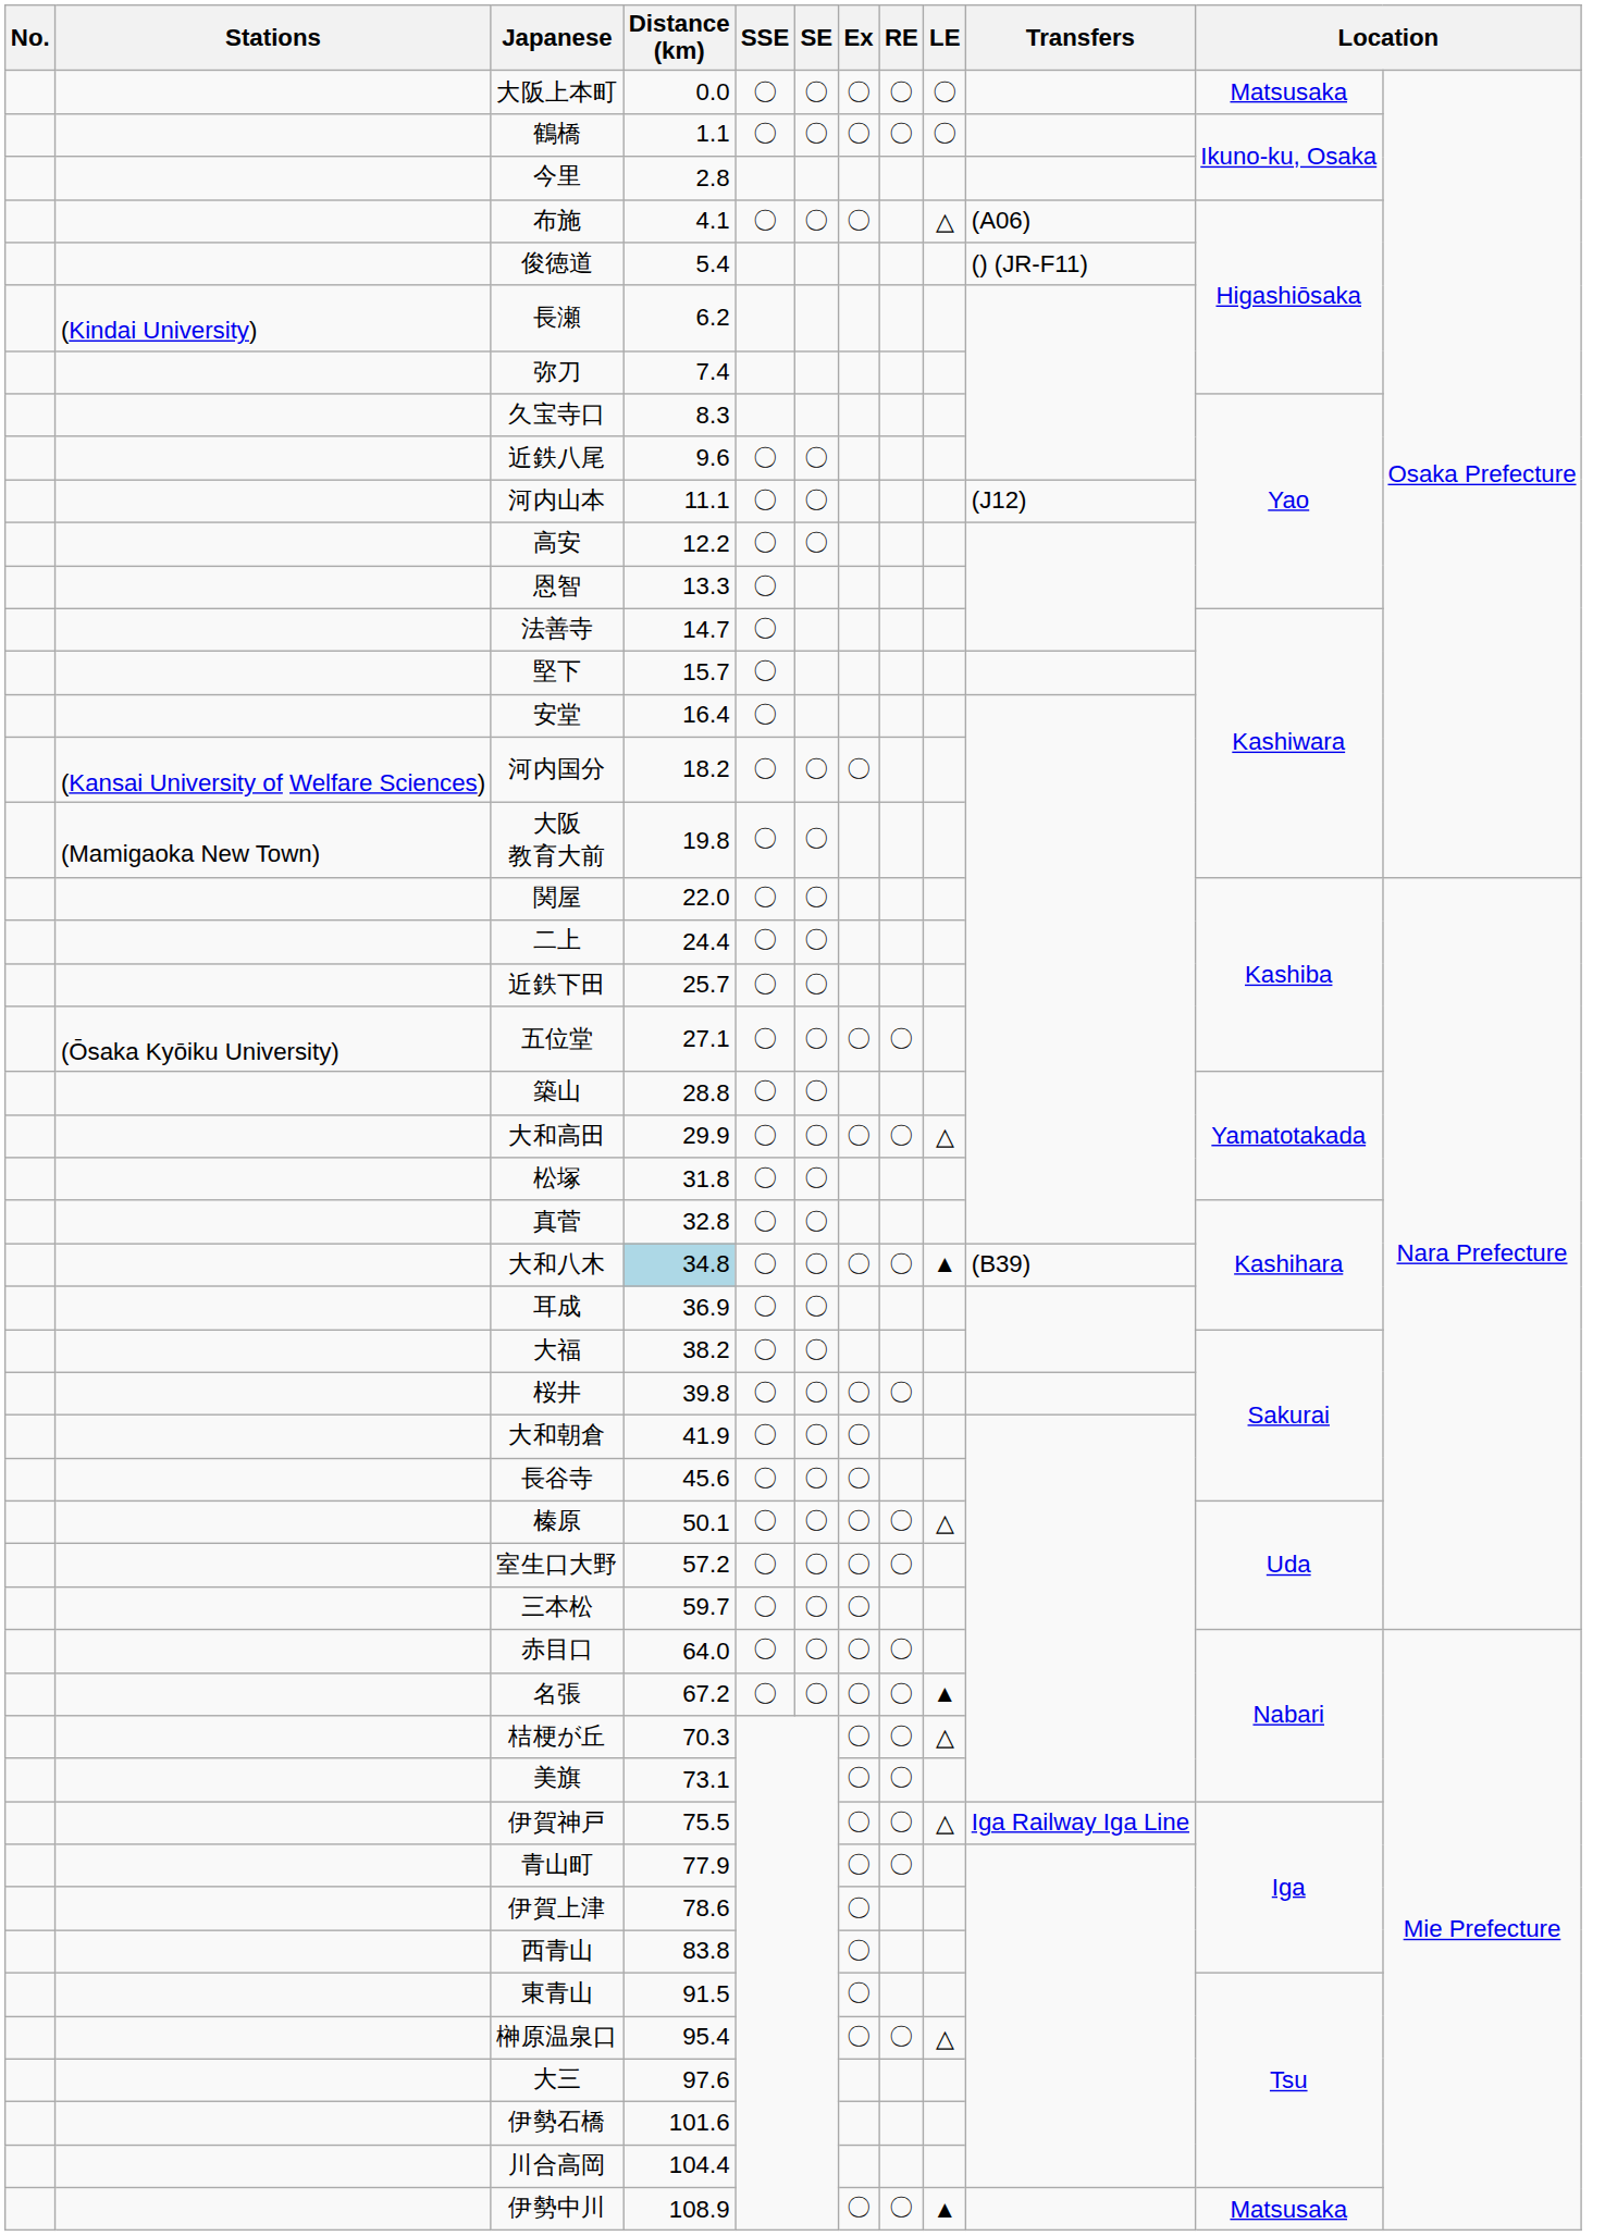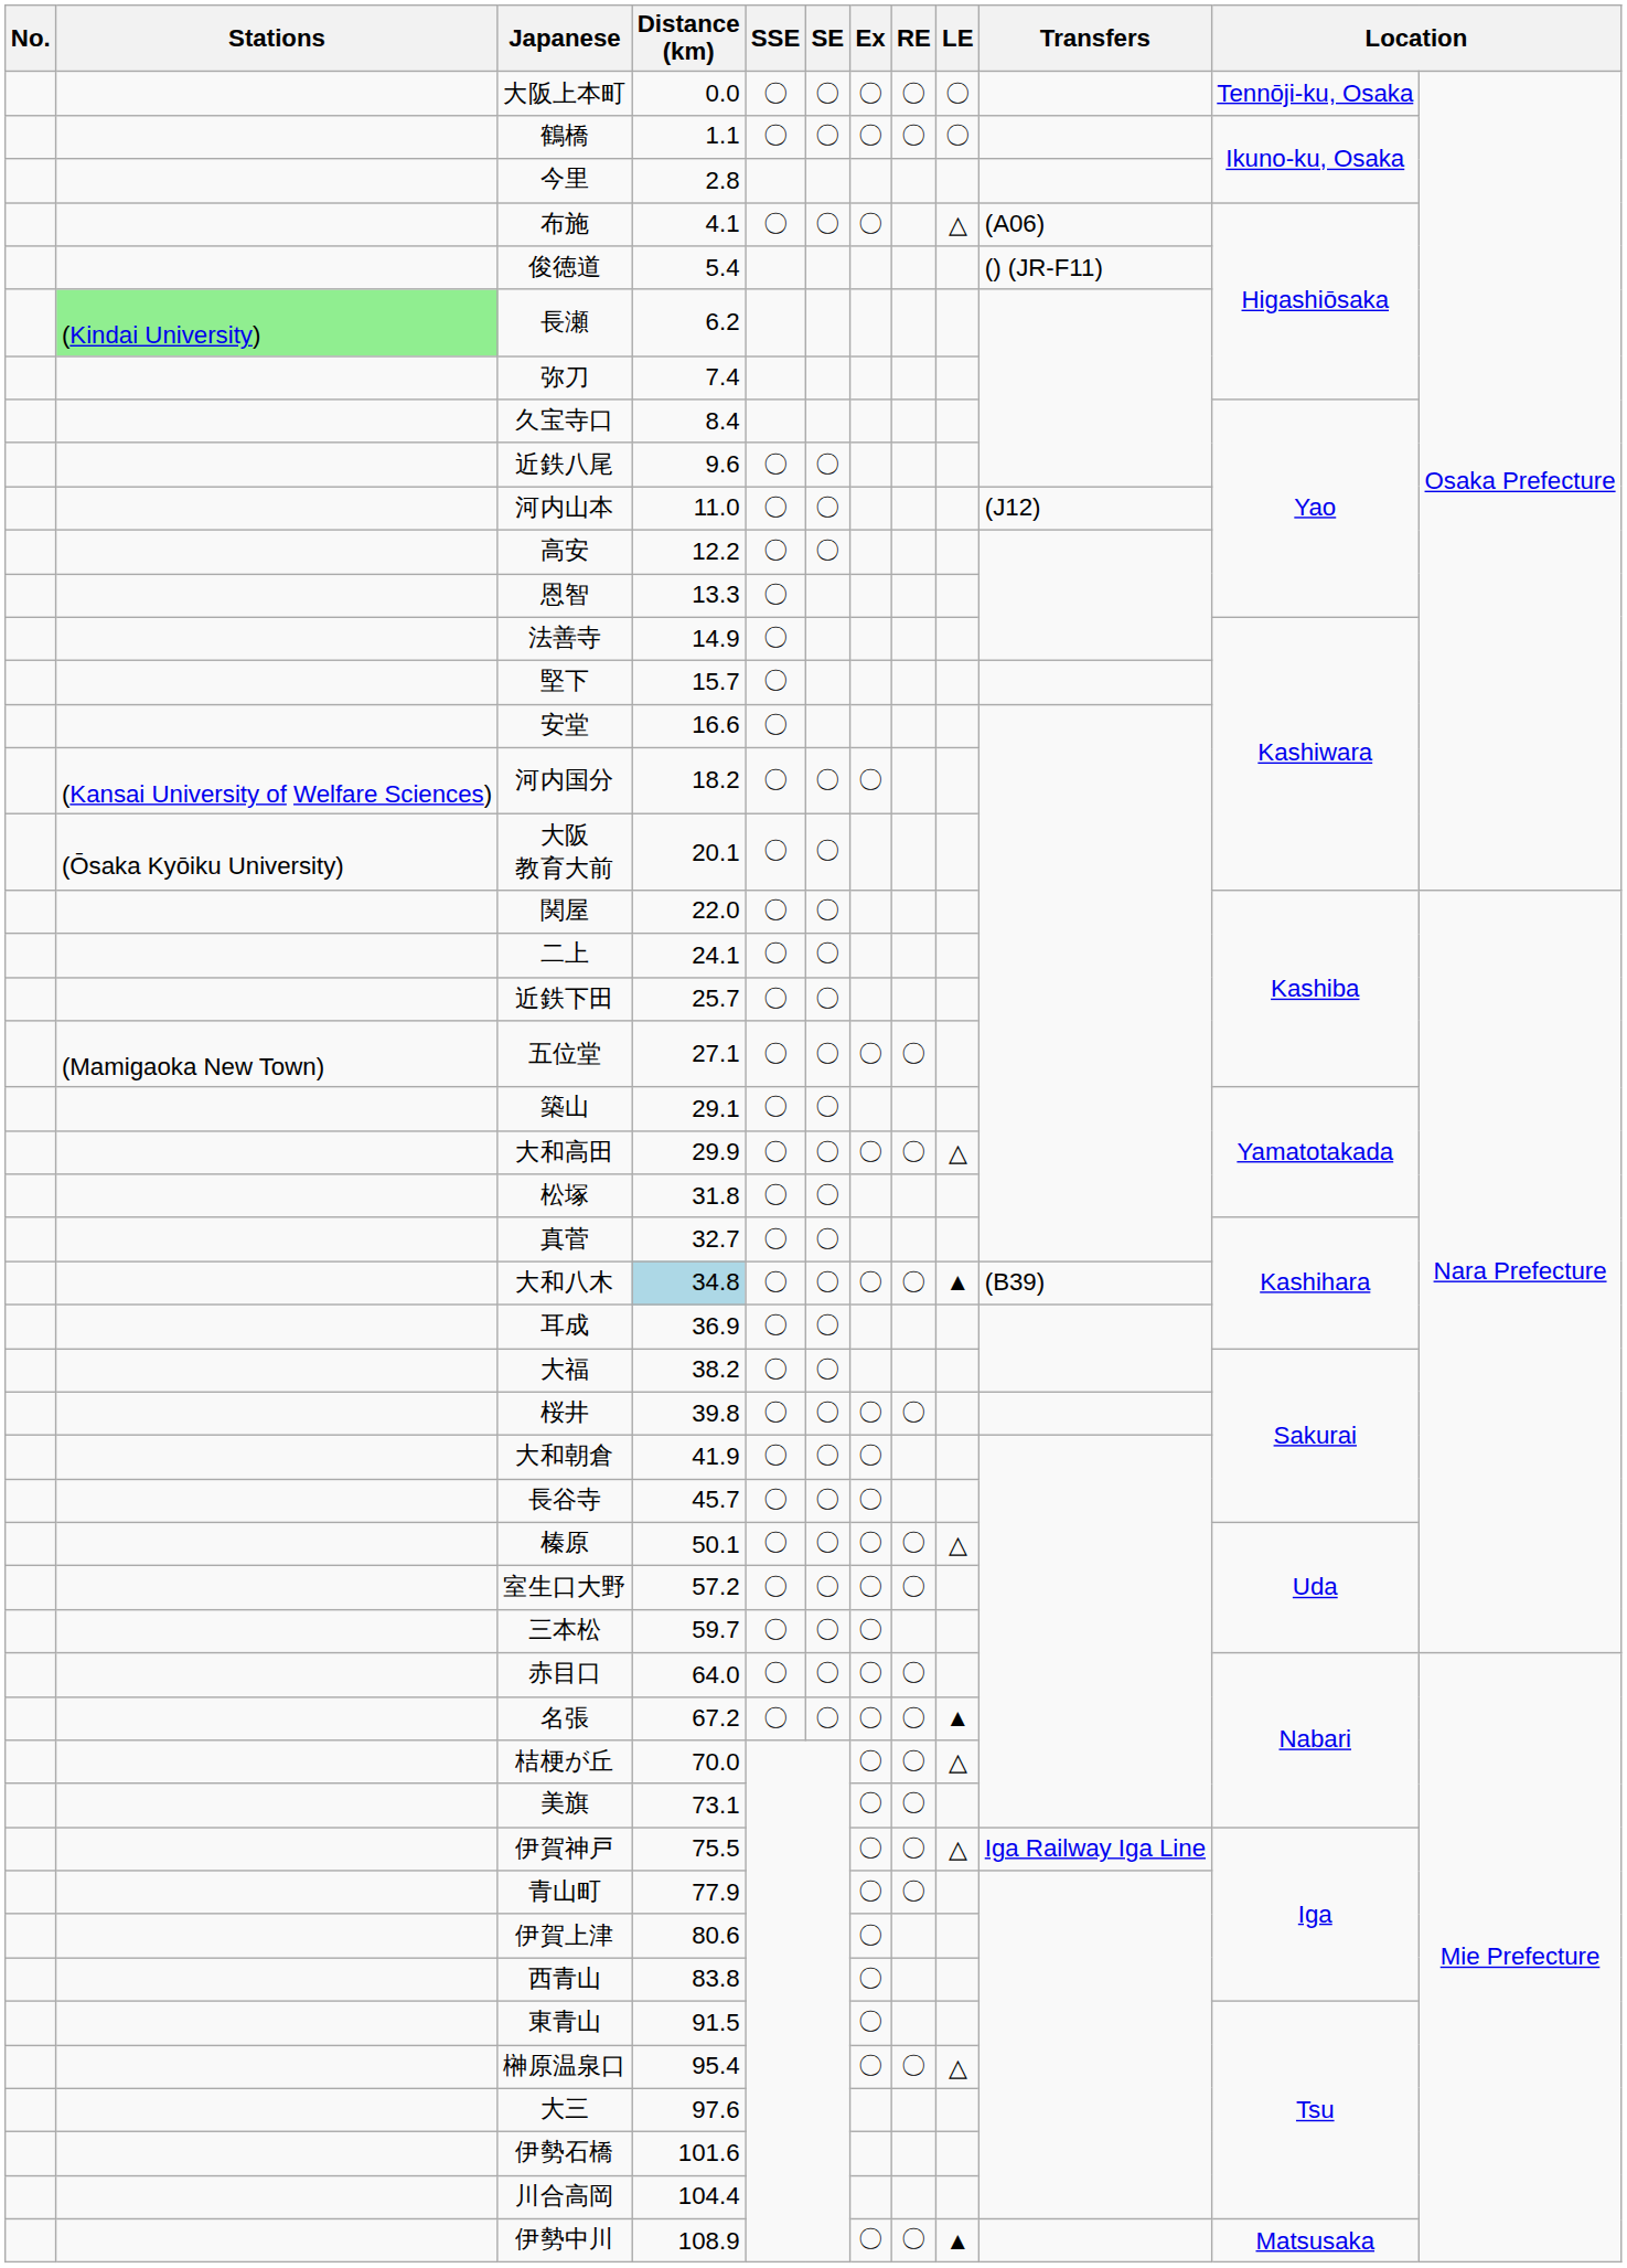 <table class="wikitable" style="text-align: center;">
 <tr style="text-align: center; border-bottom: solid 2px #">
 <th>No.</th>
 <th>Stations</th>
 <th>Japanese</th>
 <th>Distance<br>(km)</th>
 <th>SSE</th>
 <th>SE</th>
 <th>Ex</th>
 <th>RE</th>
 <th>LE</th>
 <th>Transfers</th>
 <th colspan="2">Location</th>
 </tr>
 <tr style="text-align: center; ">
 <td></td>
 <td style="text-align: left; "></td>
 <td>大阪上本町</td>
 <td style="text-align: right; ">0.0</td>
 <td>〇</td>
 <td>〇</td>
 <td>〇</td>
 <td>〇</td>
 <td>〇</td>
 <td style="text-align:left;"></td>
-<td><a href='#'>Matsusaka</a></td>
+<td><a href='#'>Tennōji-ku, Osaka</a></td>
 <td rowspan="17"><a href='#'>Osaka Prefecture</a></td>
 </tr>
 <tr style="text-align: center; ">
 <td></td>
 <td style="text-align: left; "></td>
 <td>鶴橋</td>
 <td style="text-align: right; ">1.1</td>
 <td>〇</td>
 <td>〇</td>
 <td>〇</td>
 <td>〇</td>
 <td>〇</td>
 <td style="text-align:left;"></td>
 <td rowspan="2"><a href='#'>Ikuno-ku, Osaka</a></td>
 </tr>
 <tr style="text-align: center; ">
 <td></td>
 <td style="text-align: left; "></td>
 <td>今里</td>
 <td style="text-align: right; ">2.8</td>
 <td></td>
 <td></td>
 <td></td>
 <td></td>
 <td></td>
 <td></td>
 </tr>
 <tr style="text-align: center; ">
 <td></td>
 <td style="text-align: left; "></td>
 <td>布施</td>
 <td style="text-align: right; ">4.1</td>
 <td>〇</td>
 <td>〇</td>
 <td>〇</td>
 <td></td>
 <td>△</td>
 <td style="text-align:left;">  (A06)</td>
 <td rowspan="4"><a href='#'>Higashiōsaka</a></td>
 </tr>
 <tr style="text-align: center; ">
 <td></td>
 <td style="text-align: left; "></td>
 <td>俊徳道</td>
 <td style="text-align: right; ">5.4</td>
 <td></td>
 <td></td>
 <td></td>
 <td></td>
 <td></td>
 <td style="text-align:left;">  () (JR-F11)</td>
 </tr>
 <tr style="text-align: center; ">
 <td></td>
-<td style="text-align: left; "><br><span>(<a href='#'>Kindai University</a>)</span></td>
+<td style="background: lightgreen; text-align: left; "><br><span>(<a href='#'>Kindai University</a>)</span></td>
 <td>長瀬</td>
 <td style="text-align: right; ">6.2</td>
 <td></td>
 <td></td>
 <td></td>
 <td></td>
 <td></td>
 <td rowspan=4></td>
 </tr>
 <tr style="text-align: center; ">
 <td></td>
 <td style="text-align: left; "></td>
 <td>弥刀</td>
 <td style="text-align: right; ">7.4</td>
 <td></td>
 <td></td>
 <td></td>
 <td></td>
 <td></td>
 </tr>
 <tr style="text-align: center; ">
 <td></td>
 <td style="text-align: left; "></td>
 <td>久宝寺口</td>
-<td style="text-align: right; ">8.3</td>
+<td style="text-align: right; ">8.4</td>
 <td></td>
 <td></td>
 <td></td>
 <td></td>
 <td></td>
 <td rowspan="5"><a href='#'>Yao</a></td>
 </tr>
 <tr style="text-align: center; ">
 <td></td>
 <td style="text-align: left; "></td>
 <td>近鉄八尾</td>
 <td style="text-align: right; ">9.6</td>
 <td>〇</td>
 <td>〇</td>
 <td></td>
 <td></td>
 <td></td>
 </tr>
 <tr style="text-align: center; ">
 <td></td>
 <td style="text-align: left; "></td>
 <td>河内山本</td>
-<td style="text-align: right; ">11.1</td>
+<td style="text-align: right; ">11.0</td>
 <td>〇</td>
 <td>〇</td>
 <td></td>
 <td></td>
 <td></td>
 <td style="text-align: left; ">  (J12)</td>
 </tr>
 <tr style="text-align: center; ">
 <td></td>
 <td style="text-align: left; "></td>
 <td>高安</td>
 <td style="text-align: right; ">12.2</td>
 <td>〇</td>
 <td>〇</td>
 <td></td>
 <td></td>
 <td></td>
 <td rowspan=3></td>
 </tr>
 <tr style="text-align: center; ">
 <td></td>
 <td style="text-align: left; "></td>
 <td>恩智</td>
 <td style="text-align: right; ">13.3</td>
 <td>〇</td>
 <td></td>
 <td></td>
 <td></td>
 <td></td>
 </tr>
 <tr style="text-align: center; ">
 <td></td>
 <td style="text-align: left; "></td>
 <td>法善寺</td>
-<td style="text-align: right; ">14.7</td>
+<td style="text-align: right; ">14.9</td>
 <td>〇</td>
 <td></td>
 <td></td>
 <td></td>
 <td></td>
 <td rowspan="5"><a href='#'>Kashiwara</a></td>
 </tr>
 <tr style="text-align: center; ">
 <td></td>
 <td style="text-align: left; "></td>
 <td>堅下</td>
 <td style="text-align: right; ">15.7</td>
 <td>〇</td>
 <td></td>
 <td></td>
 <td></td>
 <td></td>
 <td style="text-align:left;"></td>
 </tr>
 <tr style="text-align: center; ">
 <td></td>
 <td style="text-align: left; "></td>
 <td>安堂</td>
-<td style="text-align: right; ">16.4</td>
+<td style="text-align: right; ">16.6</td>
 <td>〇</td>
 <td></td>
 <td></td>
 <td></td>
 <td></td>
 <td rowspan=11></td>
 </tr>
 <tr style="text-align: center; ">
 <td></td>
 <td style="text-align: left; "><br><span>(<a href='#'>Kansai University of</a></span> <span><a href='#'>Welfare Sciences</a>)</span></td>
 <td>河内国分</td>
 <td style="text-align: right; ">18.2</td>
 <td>〇</td>
 <td>〇</td>
 <td>〇</td>
 <td></td>
 <td></td>
 </tr>
 <tr style="text-align: center; ">
 <td></td>
-<td style="text-align: left; "><br><span>(Mamigaoka New Town)</span></td>
+<td style="text-align: left; "><br><span>(Ōsaka Kyōiku University)</span></td>
 <td>大阪<br>教育大前</td>
-<td style="text-align: right; ">19.8</td>
+<td style="text-align: right; ">20.1</td>
 <td>〇</td>
 <td>〇</td>
 <td></td>
 <td></td>
 <td></td>
 </tr>
 <tr style="text-align: center; ">
 <td></td>
 <td style="text-align: left; "></td>
 <td>関屋</td>
 <td style="text-align: right; ">22.0</td>
 <td>〇</td>
 <td>〇</td>
 <td></td>
 <td></td>
 <td></td>
 <td rowspan="4"><a href='#'>Kashiba</a></td>
 <td rowspan="17"><a href='#'>Nara Prefecture</a></td>
 </tr>
 <tr style="text-align: center; ">
 <td></td>
 <td style="text-align: left; "></td>
 <td>二上</td>
-<td style="text-align: right; ">24.4</td>
+<td style="text-align: right; ">24.1</td>
 <td>〇</td>
 <td>〇</td>
 <td></td>
 <td></td>
 <td></td>
 </tr>
 <tr style="text-align: center; ">
 <td></td>
 <td style="text-align: left; "></td>
 <td>近鉄下田</td>
 <td style="text-align: right; ">25.7</td>
 <td>〇</td>
 <td>〇</td>
 <td></td>
 <td></td>
 <td></td>
 </tr>
 <tr style="text-align: center; ">
 <td></td>
-<td style="text-align: left; "><br><span>(Ōsaka Kyōiku University)</span></td>
+<td style="text-align: left; "><br><span>(Mamigaoka New Town)</span></td>
 <td>五位堂</td>
 <td style="text-align: right; ">27.1</td>
 <td>〇</td>
 <td>〇</td>
 <td>〇</td>
 <td>〇</td>
 <td></td>
 </tr>
 <tr style="text-align: center; ">
 <td></td>
 <td style="text-align: left; "></td>
 <td>築山</td>
-<td style="text-align: right; ">28.8</td>
+<td style="text-align: right; ">29.1</td>
 <td>〇</td>
 <td>〇</td>
 <td></td>
 <td></td>
 <td></td>
 <td rowspan="3"><a href='#'>Yamatotakada</a></td>
 </tr>
 <tr style="text-align: center; ">
 <td></td>
 <td style="text-align: left; "></td>
 <td>大和高田</td>
 <td style="text-align: right; ">29.9</td>
 <td>〇</td>
 <td>〇</td>
 <td>〇</td>
 <td>〇</td>
 <td>△</td>
 </tr>
 <tr style="text-align: center; ">
 <td></td>
 <td style="text-align: left; "></td>
 <td>松塚</td>
 <td style="text-align: right; ">31.8</td>
 <td>〇</td>
 <td>〇</td>
 <td></td>
 <td></td>
 <td></td>
 </tr>
 <tr style="text-align: center; ">
 <td></td>
 <td style="text-align: left; "></td>
 <td>真菅</td>
-<td style="text-align: right; ">32.8</td>
+<td style="text-align: right; ">32.7</td>
 <td>〇</td>
 <td>〇</td>
 <td></td>
 <td></td>
 <td></td>
 <td rowspan="3"><a href='#'>Kashihara</a></td>
 </tr>
 <tr style="text-align: center; ">
 <td></td>
 <td style="text-align: left; "></td>
 <td>大和八木</td>
 <td style="background: lightblue; text-align: right; ">34.8</td>
 <td>〇</td>
 <td>〇</td>
 <td>〇</td>
 <td>〇</td>
 <td>▲</td>
 <td style="text-align: left; ">  (B39)</td>
 </tr>
 <tr style="text-align: center; ">
 <td></td>
 <td style="text-align: left; "></td>
 <td>耳成</td>
 <td style="text-align: right; ">36.9</td>
 <td>〇</td>
 <td>〇</td>
 <td></td>
 <td></td>
 <td></td>
 <td rowspan=2></td>
 </tr>
 <tr style="text-align: center; ">
 <td></td>
 <td style="text-align: left; "></td>
 <td>大福</td>
 <td style="text-align: right; ">38.2</td>
 <td>〇</td>
 <td>〇</td>
 <td></td>
 <td></td>
 <td></td>
 <td rowspan="4"><a href='#'>Sakurai</a></td>
 </tr>
 <tr style="text-align: center; ">
 <td></td>
 <td style="text-align: left; "></td>
 <td>桜井</td>
 <td style="text-align: right; ">39.8</td>
 <td>〇</td>
 <td>〇</td>
 <td>〇</td>
 <td>〇</td>
 <td></td>
 <td style="text-align: left; "> </td>
 </tr>
 <tr style="text-align: center; ">
 <td></td>
 <td style="text-align: left; "></td>
 <td>大和朝倉</td>
 <td style="text-align: right; ">41.9</td>
 <td>〇</td>
 <td>〇</td>
 <td>〇</td>
 <td></td>
 <td></td>
 <td rowspan=9></td>
 </tr>
 <tr style="text-align: center; ">
 <td></td>
 <td style="text-align: left; "></td>
 <td>長谷寺</td>
-<td style="text-align: right; ">45.6</td>
+<td style="text-align: right; ">45.7</td>
 <td>〇</td>
 <td>〇</td>
 <td>〇</td>
 <td></td>
 <td></td>
 </tr>
 <tr style="text-align: center; ">
 <td></td>
 <td style="text-align: left; "></td>
 <td>榛原</td>
 <td style="text-align: right; ">50.1</td>
 <td>〇</td>
 <td>〇</td>
 <td>〇</td>
 <td>〇</td>
 <td>△</td>
 <td rowspan="3"><a href='#'>Uda</a></td>
 </tr>
 <tr style="text-align: center; ">
 <td></td>
 <td style="text-align: left; "></td>
 <td>室生口大野</td>
 <td style="text-align: right; ">57.2</td>
 <td>〇</td>
 <td>〇</td>
 <td>〇</td>
 <td>〇</td>
 <td></td>
 </tr>
 <tr style="text-align: center; ">
 <td></td>
 <td style="text-align: left; "></td>
 <td>三本松</td>
 <td style="text-align: right; ">59.7</td>
 <td>〇</td>
 <td>〇</td>
 <td>〇</td>
 <td></td>
 <td></td>
 </tr>
 <tr style="text-align: center; ">
 <td></td>
 <td style="text-align: left; "></td>
 <td>赤目口</td>
 <td style="text-align: right; ">64.0</td>
 <td>〇</td>
 <td>〇</td>
 <td>〇</td>
 <td>〇</td>
 <td></td>
 <td rowspan="4"><a href='#'>Nabari</a></td>
 <td rowspan="14"><a href='#'>Mie Prefecture</a></td>
 </tr>
 <tr style="text-align: center; ">
 <td></td>
 <td style="text-align: left; "></td>
 <td>名張</td>
 <td style="text-align: right; ">67.2</td>
 <td>〇</td>
 <td>〇</td>
 <td>〇</td>
 <td>〇</td>
 <td>▲</td>
 </tr>
 <tr style="text-align: center; ">
 <td></td>
 <td style="text-align: left; "></td>
 <td>桔梗が丘</td>
-<td style="text-align: right; ">70.3</td>
+<td style="text-align: right; ">70.0</td>
 <td rowspan="12" colspan="2"></td>
 <td>〇</td>
 <td>〇</td>
 <td>△</td>
 </tr>
 <tr style="text-align: center; ">
 <td></td>
 <td style="text-align: left; "></td>
 <td>美旗</td>
 <td style="text-align: right; ">73.1</td>
 <td>〇</td>
 <td>〇</td>
 <td></td>
 </tr>
 <tr style="text-align: center; ">
 <td></td>
 <td style="text-align: left; "></td>
 <td>伊賀神戸</td>
 <td style="text-align: right; ">75.5</td>
 <td>〇</td>
 <td>〇</td>
 <td>△</td>
 <td style="text-align: left; "> <a href='#'>Iga Railway Iga Line</a></td>
 <td rowspan="4"><a href='#'>Iga</a></td>
 </tr>
 <tr style="text-align: center; ">
 <td></td>
 <td style="text-align: left; "></td>
 <td>青山町</td>
 <td style="text-align: right; ">77.9</td>
 <td>〇</td>
 <td>〇</td>
 <td></td>
 <td rowspan=8></td>
 </tr>
 <tr style="text-align: center; ">
 <td></td>
 <td style="text-align: left; "></td>
 <td>伊賀上津</td>
-<td style="text-align: right; ">78.6</td>
+<td style="text-align: right; ">80.6</td>
 <td>〇</td>
 <td></td>
 <td></td>
 </tr>
 <tr style="text-align: center; ">
 <td></td>
 <td style="text-align: left; "></td>
 <td>西青山</td>
 <td style="text-align: right; ">83.8</td>
 <td>〇</td>
 <td></td>
 <td></td>
 </tr>
 <tr style="text-align: center; ">
 <td></td>
 <td style="text-align: left; "></td>
 <td>東青山</td>
 <td style="text-align: right; ">91.5</td>
 <td>〇</td>
 <td></td>
 <td></td>
 <td rowspan="5"><a href='#'>Tsu</a></td>
 </tr>
 <tr style="text-align: center; ">
 <td></td>
 <td style="text-align: left; "></td>
 <td>榊原温泉口</td>
 <td style="text-align: right; ">95.4</td>
 <td>〇</td>
 <td>〇</td>
 <td>△</td>
 </tr>
 <tr style="text-align: center; ">
 <td></td>
 <td style="text-align: left; "></td>
 <td>大三</td>
 <td style="text-align: right; ">97.6</td>
 <td></td>
 <td></td>
 <td></td>
 </tr>
 <tr style="text-align: center; ">
 <td></td>
 <td style="text-align: left; "></td>
 <td>伊勢石橋</td>
 <td style="text-align: right; ">101.6</td>
 <td></td>
 <td></td>
 <td></td>
 </tr>
 <tr style="text-align: center; ">
 <td></td>
 <td style="text-align: left; "></td>
 <td>川合高岡</td>
 <td style="text-align: right; ">104.4</td>
 <td></td>
 <td></td>
 <td></td>
 </tr>
 <tr style="text-align: center; ">
 <td></td>
 <td style="text-align: left; "></td>
 <td>伊勢中川</td>
 <td style="text-align: right; ">108.9</td>
 <td>〇</td>
 <td>〇</td>
 <td>▲</td>
 <td style="text-align: left; "></td>
 <td><a href='#'>Matsusaka</a></td>
 </tr>
 </table>
